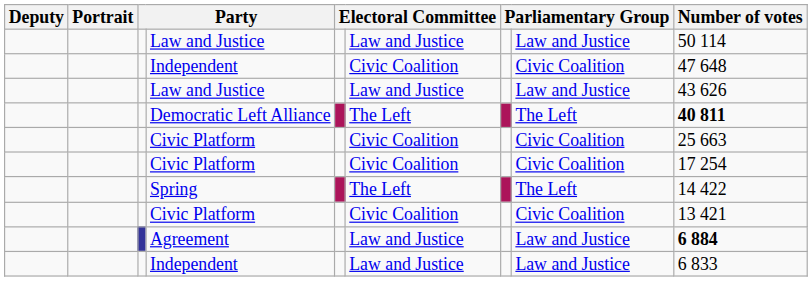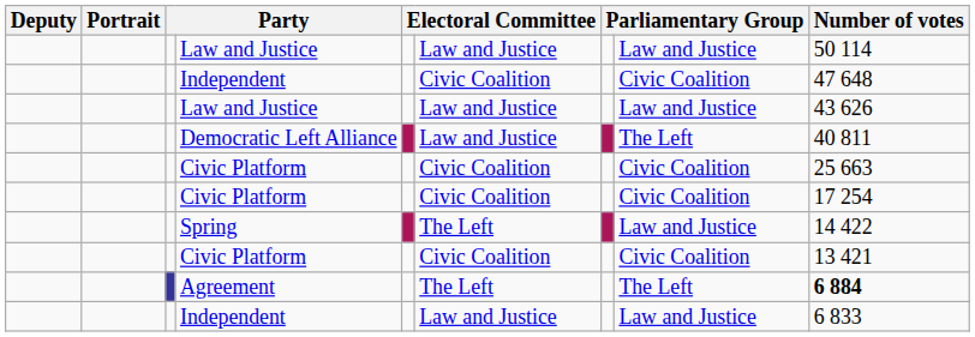 <table class="wikitable sortable" style="font-size:95%;line-height:14px;">
 <tr>
 <th>Deputy</th>
 <th>Portrait</th>
 <th colspan="2">Party</th>
 <th colspan="2">Electoral Committee</th>
 <th colspan="2">Parliamentary Group</th>
 <th>Number of votes</th>
 </tr>
 <tr>
 <td></td>
 <td></td>
 <td style="background:"></td>
 <td><a href='#'>Law and Justice</a></td>
 <td style="background:"></td>
 <td><a href='#'>Law and Justice</a></td>
 <td style="background:"></td>
 <td><a href='#'>Law and Justice</a></td>
 <td>50 114</td>
 </tr>
 <tr>
 <td></td>
 <td></td>
 <td style="background:"></td>
 <td><a href='#'>Independent</a></td>
 <td style="background:"></td>
 <td><a href='#'>Civic Coalition</a></td>
 <td style="background:"></td>
 <td><a href='#'>Civic Coalition</a></td>
 <td>47 648</td>
 </tr>
 <tr>
 <td></td>
 <td></td>
 <td style="background:"></td>
 <td><a href='#'>Law and Justice</a></td>
 <td style="background:"></td>
 <td><a href='#'>Law and Justice</a></td>
 <td style="background:"></td>
 <td><a href='#'>Law and Justice</a></td>
 <td>43 626</td>
 </tr>
 <tr>
 <td></td>
 <td></td>
 <td style="background:"></td>
 <td><a href='#'>Democratic Left Alliance</a></td>
 <td style="background:#AC145A;"></td>
-<td><a href='#'>The Left</a></td>
+<td><a href='#'>Law and Justice</a></td>
 <td style="background:#AC145A;"></td>
 <td><a href='#'>The Left</a></td>
-<td><strong>40 811</strong></td>
+<td>40 811</td>
 </tr>
 <tr>
 <td></td>
 <td></td>
 <td style="background:"></td>
 <td><a href='#'>Civic Platform</a></td>
 <td style="background:"></td>
 <td><a href='#'>Civic Coalition</a></td>
 <td style="background:"></td>
 <td><a href='#'>Civic Coalition</a></td>
 <td>25 663</td>
 </tr>
 <tr>
 <td></td>
 <td></td>
 <td style="background:"></td>
 <td><a href='#'>Civic Platform</a></td>
 <td style="background:"></td>
 <td><a href='#'>Civic Coalition</a></td>
 <td style="background:"></td>
 <td><a href='#'>Civic Coalition</a></td>
 <td>17 254</td>
 </tr>
 <tr>
 <td></td>
 <td></td>
 <td style="background:"></td>
 <td><a href='#'>Spring</a></td>
 <td style="background:#AC145A;"></td>
 <td><a href='#'>The Left</a></td>
 <td style="background:#AC145A;"></td>
-<td><a href='#'>The Left</a></td>
+<td><a href='#'>Law and Justice</a></td>
 <td>14 422</td>
 </tr>
 <tr>
 <td></td>
 <td></td>
 <td style="background:"></td>
 <td><a href='#'>Civic Platform</a></td>
 <td style="background:"></td>
 <td><a href='#'>Civic Coalition</a></td>
 <td style="background:"></td>
 <td><a href='#'>Civic Coalition</a></td>
 <td>13 421</td>
 </tr>
 <tr>
 <td></td>
 <td></td>
 <td style="background:#333399;"></td>
 <td><a href='#'>Agreement</a></td>
 <td style="background:"></td>
-<td><a href='#'>Law and Justice</a></td>
+<td><a href='#'>The Left</a></td>
 <td style="background:"></td>
-<td><a href='#'>Law and Justice</a></td>
+<td><a href='#'>The Left</a></td>
 <td><strong>6 884</strong></td>
 </tr>
 <tr>
 <td></td>
 <td></td>
 <td style="background:"></td>
 <td><a href='#'>Independent</a></td>
 <td style="background:"></td>
 <td><a href='#'>Law and Justice</a></td>
 <td style="background:"></td>
 <td><a href='#'>Law and Justice</a></td>
 <td>6 833</td>
 </tr>
 </table>
